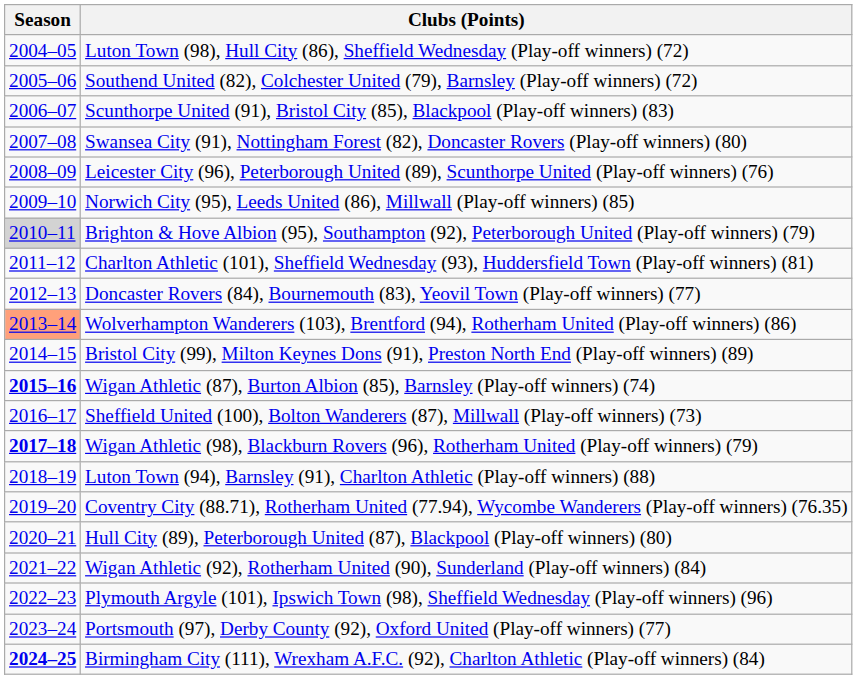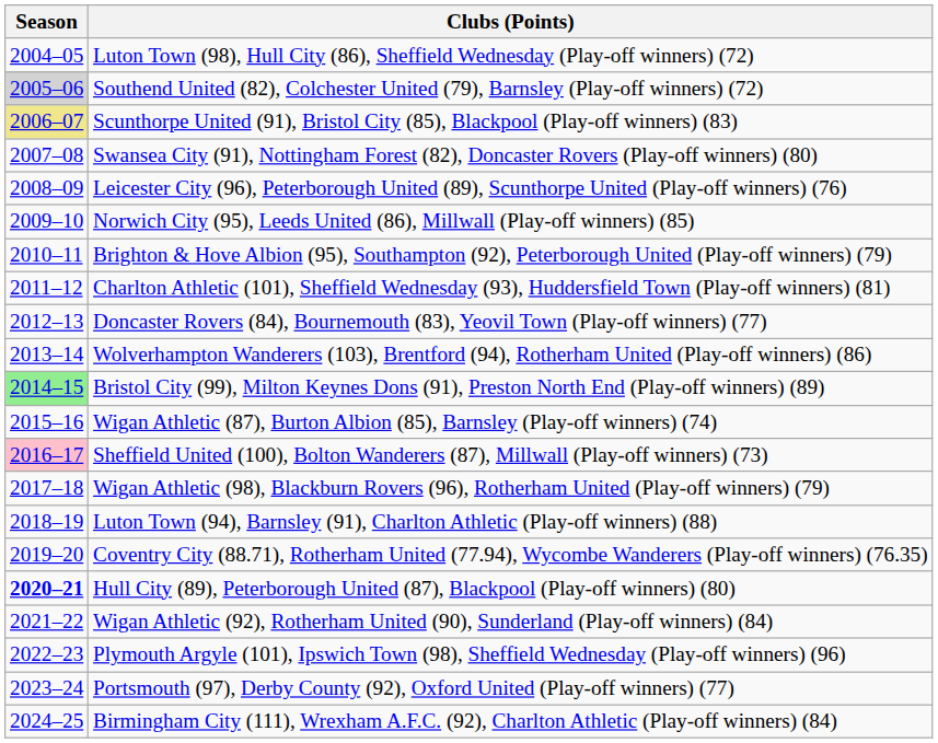 <table class="wikitable" style="text-align:left;">
 <tr>
 <th>Season</th>
 <th>Clubs (Points)</th>
 </tr>
 <tr>
 <td><a href='#'>2004–05</a></td>
 <td><a href='#'>Luton Town</a> (98), <a href='#'>Hull City</a> (86), <a href='#'>Sheffield Wednesday</a> (Play-off winners) (72)</td>
 </tr>
 <tr>
-<td><a href='#'>2005–06</a></td>
+<td style="background: lightgrey;"><a href='#'>2005–06</a></td>
 <td><a href='#'>Southend United</a> (82), <a href='#'>Colchester United</a> (79), <a href='#'>Barnsley</a> (Play-off winners) (72)</td>
 </tr>
 <tr>
-<td><a href='#'>2006–07</a></td>
+<td style="background: khaki;"><a href='#'>2006–07</a></td>
 <td><a href='#'>Scunthorpe United</a> (91), <a href='#'>Bristol City</a> (85), <a href='#'>Blackpool</a> (Play-off winners) (83)</td>
 </tr>
 <tr>
 <td><a href='#'>2007–08</a></td>
 <td><a href='#'>Swansea City</a> (91), <a href='#'>Nottingham Forest</a> (82), <a href='#'>Doncaster Rovers</a> (Play-off winners) (80)</td>
 </tr>
 <tr>
 <td><a href='#'>2008–09</a></td>
 <td><a href='#'>Leicester City</a> (96), <a href='#'>Peterborough United</a> (89), <a href='#'>Scunthorpe United</a> (Play-off winners) (76)</td>
 </tr>
 <tr>
 <td><a href='#'>2009–10</a></td>
 <td><a href='#'>Norwich City</a> (95), <a href='#'>Leeds United</a> (86), <a href='#'>Millwall</a> (Play-off winners) (85)</td>
 </tr>
 <tr>
-<td style="background: lightgrey;"><a href='#'>2010–11</a></td>
+<td><a href='#'>2010–11</a></td>
 <td><a href='#'>Brighton & Hove Albion</a> (95), <a href='#'>Southampton</a> (92), <a href='#'>Peterborough United</a> (Play-off winners) (79)</td>
 </tr>
 <tr>
 <td><a href='#'>2011–12</a></td>
 <td><a href='#'>Charlton Athletic</a> (101), <a href='#'>Sheffield Wednesday</a> (93), <a href='#'>Huddersfield Town</a> (Play-off winners) (81)</td>
 </tr>
 <tr>
 <td><a href='#'>2012–13</a></td>
 <td><a href='#'>Doncaster Rovers</a> (84), <a href='#'>Bournemouth</a> (83), <a href='#'>Yeovil Town</a> (Play-off winners) (77)</td>
 </tr>
 <tr>
-<td style="background: lightsalmon;"><a href='#'>2013–14</a></td>
+<td><a href='#'>2013–14</a></td>
 <td><a href='#'>Wolverhampton Wanderers</a> (103), <a href='#'>Brentford</a> (94), <a href='#'>Rotherham United</a> (Play-off winners) (86)</td>
 </tr>
 <tr>
-<td><a href='#'>2014–15</a></td>
+<td style="background: lightgreen;"><a href='#'>2014–15</a></td>
 <td><a href='#'>Bristol City</a> (99), <a href='#'>Milton Keynes Dons</a> (91), <a href='#'>Preston North End</a> (Play-off winners) (89)</td>
 </tr>
 <tr>
-<td><strong><a href='#'>2015–16</a></strong></td>
+<td><a href='#'>2015–16</a></td>
 <td><a href='#'>Wigan Athletic</a> (87), <a href='#'>Burton Albion</a> (85), <a href='#'>Barnsley</a> (Play-off winners) (74)</td>
 </tr>
 <tr>
-<td><a href='#'>2016–17</a></td>
+<td style="background: pink;"><a href='#'>2016–17</a></td>
 <td><a href='#'>Sheffield United</a> (100), <a href='#'>Bolton Wanderers</a> (87), <a href='#'>Millwall</a> (Play-off winners) (73)</td>
 </tr>
 <tr>
-<td><strong><a href='#'>2017–18</a></strong></td>
+<td><a href='#'>2017–18</a></td>
 <td><a href='#'>Wigan Athletic</a> (98), <a href='#'>Blackburn Rovers</a> (96), <a href='#'>Rotherham United</a> (Play-off winners) (79)</td>
 </tr>
 <tr>
 <td><a href='#'>2018–19</a></td>
 <td><a href='#'>Luton Town</a> (94), <a href='#'>Barnsley</a> (91), <a href='#'>Charlton Athletic</a> (Play-off winners) (88)</td>
 </tr>
 <tr>
 <td><a href='#'>2019–20</a></td>
 <td><a href='#'>Coventry City</a> (88.71), <a href='#'>Rotherham United</a> (77.94), <a href='#'>Wycombe Wanderers</a> (Play-off winners) (76.35)</td>
 </tr>
 <tr>
-<td><a href='#'>2020–21</a></td>
+<td><strong><a href='#'>2020–21</a></strong></td>
 <td><a href='#'>Hull City</a> (89), <a href='#'>Peterborough United</a> (87), <a href='#'>Blackpool</a> (Play-off winners) (80)</td>
 </tr>
 <tr>
 <td><a href='#'>2021–22</a></td>
 <td><a href='#'>Wigan Athletic</a> (92), <a href='#'>Rotherham United</a> (90), <a href='#'>Sunderland</a> (Play-off winners) (84)</td>
 </tr>
 <tr>
 <td><a href='#'>2022–23</a></td>
 <td><a href='#'>Plymouth Argyle</a> (101), <a href='#'>Ipswich Town</a> (98), <a href='#'>Sheffield Wednesday</a> (Play-off winners) (96)</td>
 </tr>
 <tr>
 <td><a href='#'>2023–24</a></td>
 <td><a href='#'>Portsmouth</a> (97), <a href='#'>Derby County</a> (92), <a href='#'>Oxford United</a> (Play-off winners) (77)</td>
 </tr>
 <tr>
-<td><strong><a href='#'>2024–25</a></strong></td>
+<td><a href='#'>2024–25</a></td>
 <td><a href='#'>Birmingham City</a> (111), <a href='#'>Wrexham A.F.C.</a> (92), <a href='#'>Charlton Athletic</a> (Play-off winners) (84)</td>
 </tr>
 </table>
